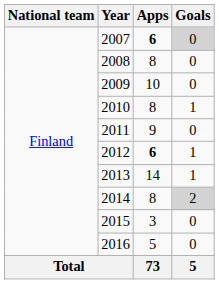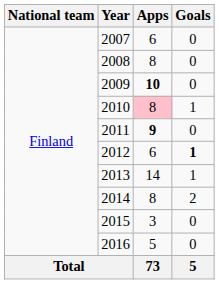 <table class="wikitable" style="text-align:center">
 <tr>
 <th>National team</th>
 <th>Year</th>
 <th>Apps</th>
 <th>Goals</th>
 </tr>
 <tr>
 <td rowspan="10"><a href='#'>Finland</a></td>
 <td>2007</td>
-<td><strong>6</strong></td>
-<td style="background: lightgrey;">0</td>
+<td>6</td>
+<td>0</td>
 </tr>
 <tr>
 <td>2008</td>
 <td>8</td>
 <td>0</td>
 </tr>
 <tr>
 <td>2009</td>
-<td>10</td>
+<td><strong>10</strong></td>
 <td>0</td>
 </tr>
 <tr>
 <td>2010</td>
-<td>8</td>
+<td style="background: pink;">8</td>
 <td>1</td>
 </tr>
 <tr>
 <td>2011</td>
-<td>9</td>
+<td><strong>9</strong></td>
 <td>0</td>
 </tr>
 <tr>
 <td>2012</td>
-<td><strong>6</strong></td>
-<td>1</td>
+<td>6</td>
+<td><strong>1</strong></td>
 </tr>
 <tr>
 <td>2013</td>
 <td>14</td>
 <td>1</td>
 </tr>
 <tr>
 <td>2014</td>
 <td>8</td>
-<td style="background: lightgrey;">2</td>
+<td>2</td>
 </tr>
 <tr>
 <td>2015</td>
 <td>3</td>
 <td>0</td>
 </tr>
 <tr>
 <td>2016</td>
 <td>5</td>
 <td>0</td>
 </tr>
 <tr>
 <th colspan="2">Total</th>
 <th>73</th>
 <th>5</th>
 </tr>
 </table>
